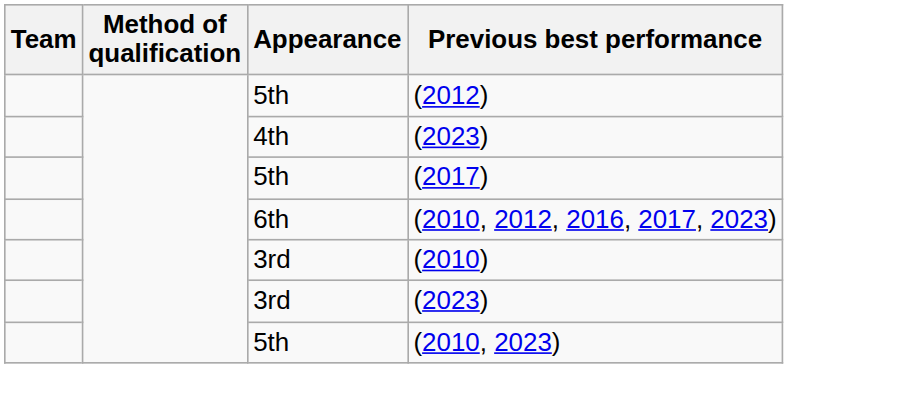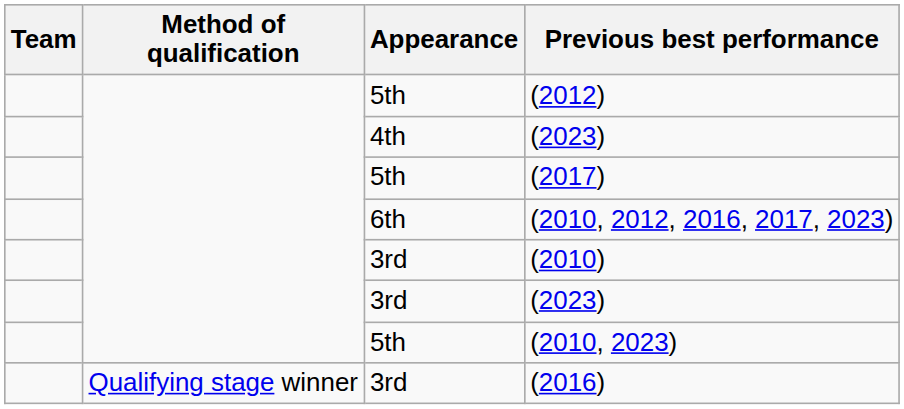 <table class="wikitable sortable" style="text-align: left;">
 <tr>
 <th>Team</th>
 <th>Method of<br>qualification</th>
 <th data-sort-type="number">Appearance</th>
 <th>Previous best performance</th>
 </tr>
 <tr>
 <td></td>
 <td rowspan=7></td>
 <td>5th</td>
 <td> (<a href='#'>2012</a>)</td>
 </tr>
 <tr>
 <td></td>
 <td>4th</td>
 <td> (<a href='#'>2023</a>)</td>
 </tr>
 <tr>
 <td></td>
 <td>5th</td>
 <td> (<a href='#'>2017</a>)</td>
 </tr>
 <tr>
 <td></td>
 <td>6th</td>
 <td> (<a href='#'>2010</a>, <a href='#'>2012</a>, <a href='#'>2016</a>, <a href='#'>2017</a>, <a href='#'>2023</a>)</td>
 </tr>
 <tr>
 <td></td>
 <td>3rd</td>
 <td> (<a href='#'>2010</a>)</td>
 </tr>
 <tr>
 <td></td>
 <td>3rd</td>
 <td> (<a href='#'>2023</a>)</td>
 </tr>
 <tr>
 <td></td>
 <td>5th</td>
 <td> (<a href='#'>2010</a>, <a href='#'>2023</a>)</td>
 </tr>
+<tr>
+<td></td>
+<td><a href='#'>Qualifying stage</a> winner</td>
+<td>3rd</td>
+<td> (<a href='#'>2016</a>)</td>
+</tr>
 </table>
